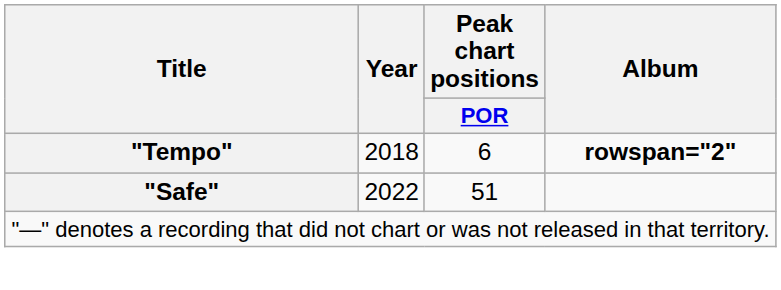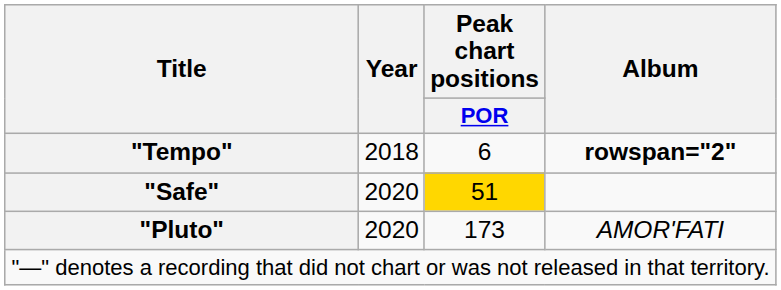 <table class="wikitable plainrowheaders" style="text-align:center;">
 <tr>
 <th rowspan="2" scope="col" style="width:14em;">Title</th>
 <th rowspan="2" scope="col">Year</th>
 <th>Peak chart positions</th>
 <th rowspan="2" scope="col" style="width:9em;">Album</th>
 </tr>
 <tr>
 <th scope="col" style="width:2.5em;font-size:90%;"><a href='#'>POR</a><br></th>
 </tr>
 <tr>
 <th scope="row">"Tempo"<br></th>
 <td>2018</td>
 <td>6</td>
 <td><strong>rowspan="2" <em></em></strong></td>
 </tr>
 <tr>
 <th scope="row">"Safe"<br></th>
-<td>2022</td>
-<td>51</td>
+<td>2020</td>
+<td style="background: gold;">51</td>
+</tr>
+<tr>
+<th scope="row">"Pluto"<br></th>
+<td>2020</td>
+<td>173</td>
+<td><em>AMOR'FATI</em></td>
 </tr>
 <tr>
 <td colspan="4" style="font-size:90%">"—" denotes a recording that did not chart or was not released in that territory.</td>
 </tr>
 </table>
